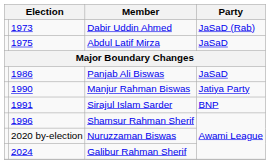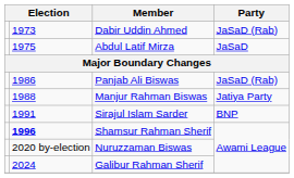 <table class="wikitable">
 <tr>
 <th colspan="2">Election</th>
 <th>Member</th>
 <th>Party</th>
 </tr>
 <tr>
 <td style="background-color:"></td>
 <td><a href='#'>1973</a></td>
 <td><a href='#'>Dabir Uddin Ahmed</a></td>
 <td><a href='#'>JaSaD (Rab)</a></td>
 </tr>
 <tr>
 <td style="background-color:"></td>
 <td><a href='#'>1975</a></td>
 <td><a href='#'>Abdul Latif Mirza</a></td>
 <td><a href='#'>JaSaD</a></td>
 </tr>
 <tr>
 <th colspan="4">Major Boundary Changes</th>
 </tr>
 <tr>
 <td style="background-color:"></td>
 <td><a href='#'>1986</a></td>
 <td><a href='#'>Panjab Ali Biswas</a></td>
-<td><a href='#'>JaSaD</a></td>
+<td><a href='#'>JaSaD (Rab)</a></td>
 </tr>
 <tr>
 <td style="background-color:"></td>
-<td><a href='#'>1990</a></td>
+<td><a href='#'>1988</a></td>
 <td><a href='#'>Manjur Rahman Biswas</a></td>
 <td><a href='#'>Jatiya Party</a></td>
 </tr>
 <tr>
 <td style="background-color:"></td>
 <td><a href='#'>1991</a></td>
 <td><a href='#'>Sirajul Islam Sarder</a></td>
 <td><a href='#'>BNP</a></td>
 </tr>
 <tr>
 <td style="background-color:"></td>
-<td><a href='#'>1996</a></td>
+<td><strong><a href='#'>1996</a></strong></td>
 <td><a href='#'>Shamsur Rahman Sherif</a></td>
 <td rowspan="3"><a href='#'>Awami League</a></td>
 </tr>
 <tr>
 <td style="background-color:"></td>
 <td>2020 by-election</td>
 <td><a href='#'>Nuruzzaman Biswas</a></td>
 </tr>
 <tr>
 <td style="background-color:"></td>
 <td><a href='#'>2024</a></td>
 <td><a href='#'>Galibur Rahman Sherif</a></td>
 </tr>
 <tr>
 </tr>
 </table>
